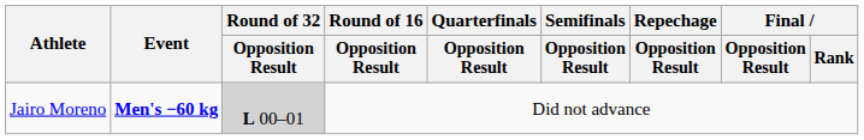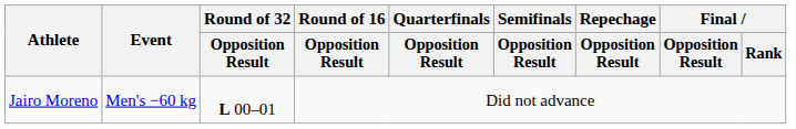 <table class="wikitable" style="font-size:90%">
 <tr>
 <th rowspan="2">Athlete</th>
 <th rowspan="2">Event</th>
 <th>Round of 32</th>
 <th>Round of 16</th>
 <th>Quarterfinals</th>
 <th>Semifinals</th>
 <th>Repechage</th>
 <th colspan=2>Final / </th>
 </tr>
 <tr style="font-size:95%">
 <th>Opposition<br>Result</th>
 <th>Opposition<br>Result</th>
 <th>Opposition<br>Result</th>
 <th>Opposition<br>Result</th>
 <th>Opposition<br>Result</th>
 <th>Opposition<br>Result</th>
 <th>Rank</th>
 </tr>
 <tr align=center>
 <td align=left><a href='#'>Jairo Moreno</a></td>
-<td align=left><strong><a href='#'>Men's −60 kg</a></strong></td>
-<td style="background: lightgrey;"><br><strong>L</strong> 00–01</td>
+<td align=left><a href='#'>Men's −60 kg</a></td>
+<td><br><strong>L</strong> 00–01</td>
 <td colspan=6>Did not advance</td>
 </tr>
 </table>
